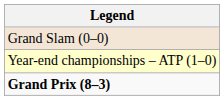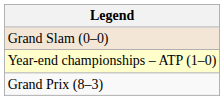 <table class=wikitable style=font-size:97%>
 <tr>
 <th>Legend</th>
 </tr>
 <tr bgcolor=f3e6d7>
 <td>Grand Slam (0–0)</td>
 </tr>
 <tr bgcolor=ffffcc>
 <td>Year-end championships – ATP (1–0)</td>
 </tr>
 <tr>
-<td><strong>Grand Prix (8–3)</strong></td>
+<td>Grand Prix (8–3)</td>
 </tr>
 </table>
